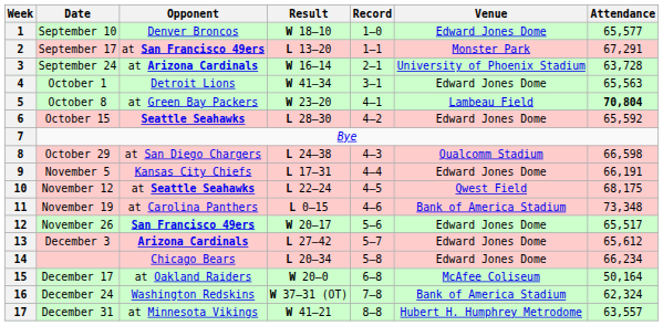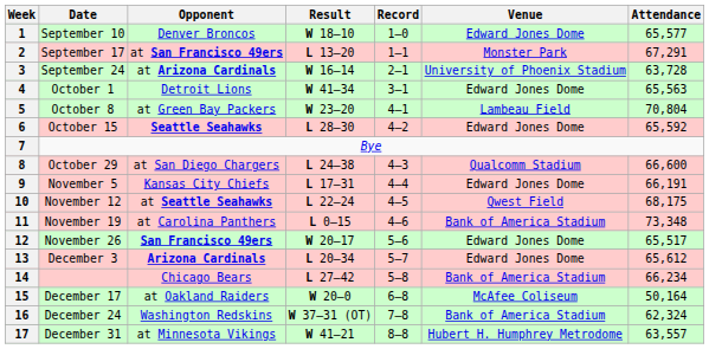 <table class="wikitable" style="text-align:center">
 <tr>
 <th>Week</th>
 <th>Date</th>
 <th>Opponent</th>
 <th>Result</th>
 <th>Record</th>
 <th>Venue</th>
 <th>Attendance</th>
 </tr>
 <tr style="background:#cfc">
 <th>1</th>
 <td>September 10</td>
 <td><a href='#'>Denver Broncos</a></td>
 <td><strong>W</strong> 18–10</td>
 <td>1–0</td>
 <td><a href='#'>Edward Jones Dome</a></td>
 <td>65,577</td>
 </tr>
 <tr style="background:#fcc">
 <th>2</th>
 <td>September 17</td>
 <td>at <strong><a href='#'>San Francisco 49ers</a></strong></td>
 <td><strong>L</strong> 13–20</td>
 <td>1–1</td>
 <td><a href='#'>Monster Park</a></td>
 <td>67,291</td>
 </tr>
 <tr style="background:#cfc">
 <th>3</th>
 <td>September 24</td>
 <td>at <strong><a href='#'>Arizona Cardinals</a></strong></td>
 <td><strong>W</strong> 16–14</td>
 <td>2–1</td>
 <td><a href='#'>University of Phoenix Stadium</a></td>
 <td>63,728</td>
 </tr>
 <tr style="background:#cfc">
 <th>4</th>
 <td>October 1</td>
 <td><a href='#'>Detroit Lions</a></td>
 <td><strong>W</strong> 41–34</td>
 <td>3–1</td>
 <td>Edward Jones Dome</td>
 <td>65,563</td>
 </tr>
 <tr style="background:#cfc">
 <th>5</th>
 <td>October 8</td>
 <td>at <a href='#'>Green Bay Packers</a></td>
 <td><strong>W</strong> 23–20</td>
 <td>4–1</td>
 <td><a href='#'>Lambeau Field</a></td>
-<td><strong>70,804</strong></td>
+<td>70,804</td>
 </tr>
 <tr style="background:#fcc">
 <th>6</th>
 <td>October 15</td>
 <td><strong><a href='#'>Seattle Seahawks</a></strong></td>
 <td><strong>L</strong> 28–30</td>
 <td>4–2</td>
 <td>Edward Jones Dome</td>
 <td>65,592</td>
 </tr>
 <tr>
 <th>7</th>
 <td colspan=6><em><a href='#'>Bye</a></em></td>
 </tr>
 <tr style="background:#fcc">
 <th>8</th>
 <td>October 29</td>
 <td>at <a href='#'>San Diego Chargers</a></td>
 <td><strong>L</strong> 24–38</td>
 <td>4–3</td>
 <td><a href='#'>Qualcomm Stadium</a></td>
-<td>66,598</td>
+<td>66,600</td>
 </tr>
 <tr style="background:#fcc">
 <th>9</th>
 <td>November 5</td>
 <td><a href='#'>Kansas City Chiefs</a></td>
 <td><strong>L</strong> 17–31</td>
 <td>4–4</td>
 <td>Edward Jones Dome</td>
 <td>66,191</td>
 </tr>
 <tr style="background:#fcc">
 <th>10</th>
 <td>November 12</td>
 <td>at <strong><a href='#'>Seattle Seahawks</a></strong></td>
 <td><strong>L</strong> 22–24</td>
 <td>4–5</td>
 <td><a href='#'>Qwest Field</a></td>
 <td>68,175</td>
 </tr>
 <tr style="background:#fcc">
 <th>11</th>
 <td>November 19</td>
 <td>at <a href='#'>Carolina Panthers</a></td>
 <td><strong>L</strong> 0–15</td>
 <td>4–6</td>
 <td><a href='#'>Bank of America Stadium</a></td>
 <td>73,348</td>
 </tr>
 <tr style="background:#cfc">
 <th>12</th>
 <td>November 26</td>
 <td><strong><a href='#'>San Francisco 49ers</a></strong></td>
 <td><strong>W</strong> 20–17</td>
 <td>5–6</td>
 <td>Edward Jones Dome</td>
 <td>65,517</td>
 </tr>
 <tr style="background:#fcc">
 <th>13</th>
 <td>December 3</td>
 <td><strong><a href='#'>Arizona Cardinals</a></strong></td>
-<td><strong>L</strong> 27–42</td>
+<td><strong>L</strong> 20–34</td>
 <td>5–7</td>
 <td>Edward Jones Dome</td>
 <td>65,612</td>
 </tr>
 <tr style="background:#fcc">
 <th>14</th>
 <td></td>
 <td><a href='#'>Chicago Bears</a></td>
-<td><strong>L</strong> 20–34</td>
+<td><strong>L</strong> 27–42</td>
 <td>5–8</td>
-<td>Edward Jones Dome</td>
+<td><a href='#'>Bank of America Stadium</a></td>
 <td>66,234</td>
 </tr>
 <tr style="background:#cfc">
 <th>15</th>
 <td>December 17</td>
 <td>at <a href='#'>Oakland Raiders</a></td>
 <td><strong>W</strong> 20–0</td>
 <td>6–8</td>
 <td><a href='#'>McAfee Coliseum</a></td>
 <td>50,164</td>
 </tr>
 <tr style="background:#cfc">
 <th>16</th>
 <td>December 24</td>
 <td><a href='#'>Washington Redskins</a></td>
 <td><strong>W</strong> 37–31 (OT)</td>
 <td>7–8</td>
 <td><a href='#'>Bank of America Stadium</a></td>
 <td>62,324</td>
 </tr>
 <tr style="background:#cfc">
 <th>17</th>
 <td>December 31</td>
 <td>at <a href='#'>Minnesota Vikings</a></td>
 <td><strong>W</strong> 41–21</td>
 <td>8–8</td>
 <td><a href='#'>Hubert H. Humphrey Metrodome</a></td>
 <td>63,557</td>
 </tr>
 </table>
